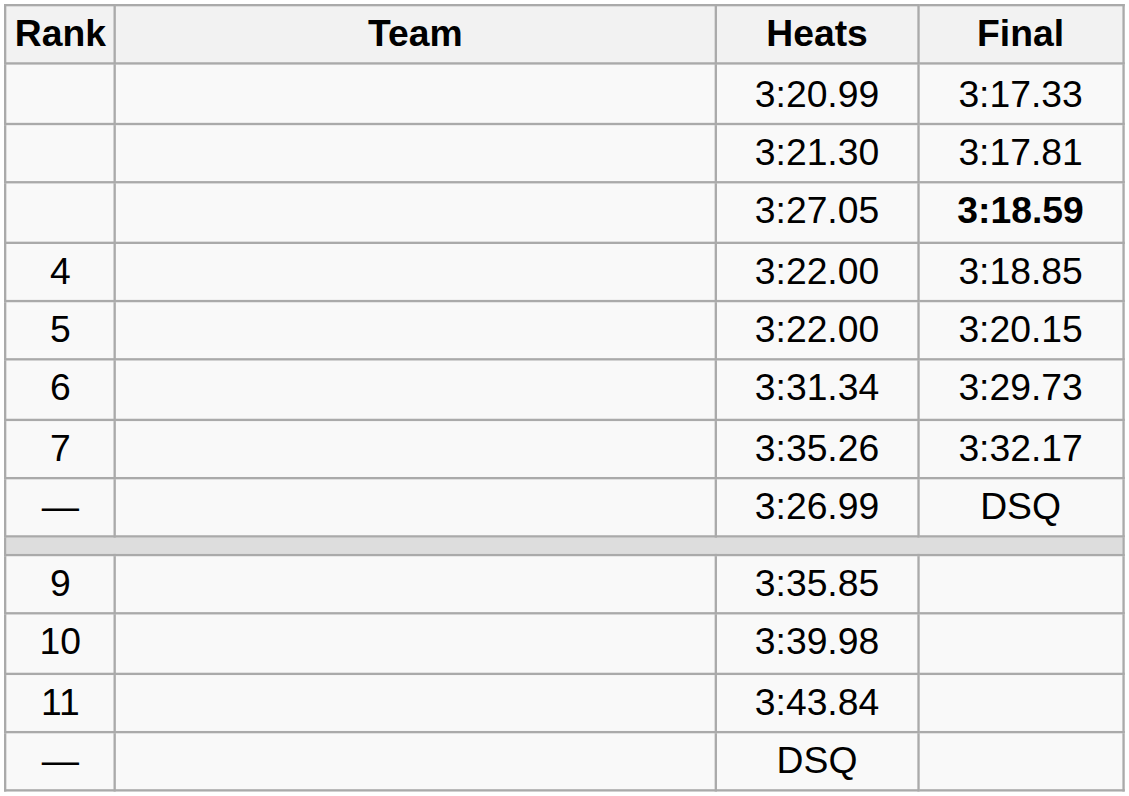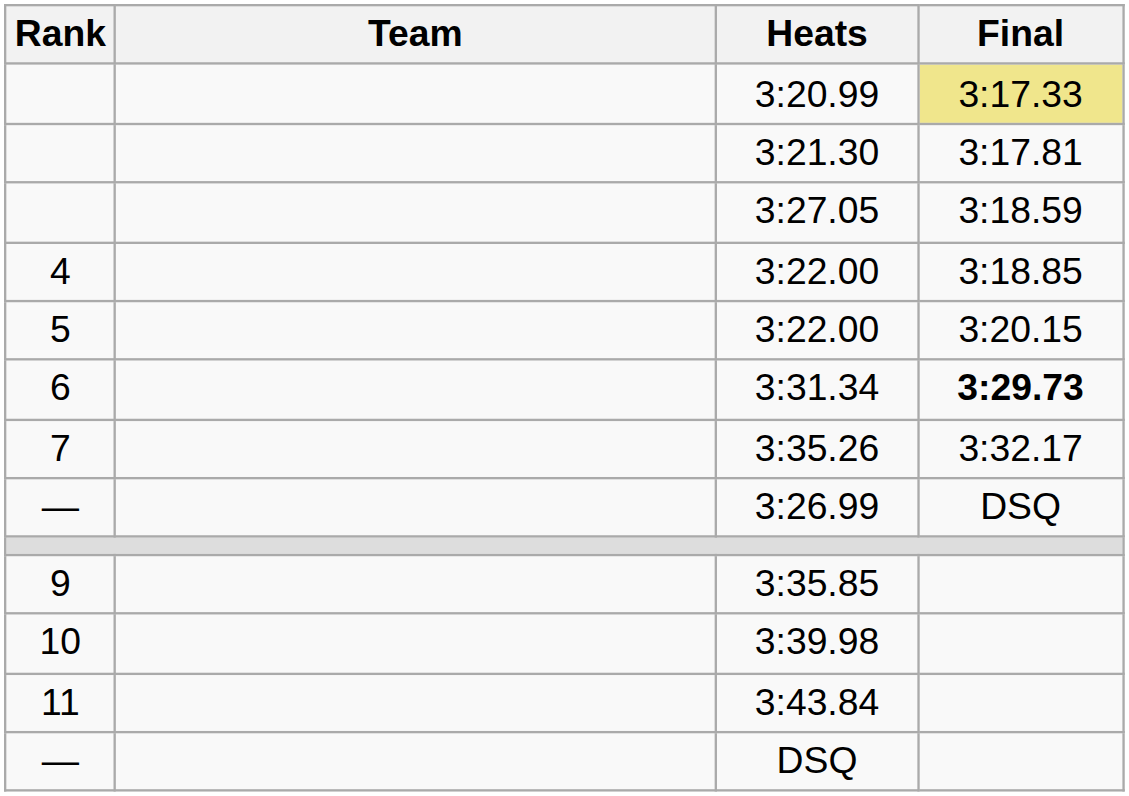 <table class=wikitable style="text-align:center">
 <tr>
 <th width=40>Rank</th>
 <th width=250>Team</th>
 <th width=80>Heats</th>
 <th width=80>Final</th>
 </tr>
 <tr>
 <td></td>
 <td align=left></td>
 <td>3:20.99</td>
-<td>3:17.33</td>
+<td style="background: khaki;">3:17.33</td>
 </tr>
 <tr>
 <td></td>
 <td align=left></td>
 <td>3:21.30</td>
 <td>3:17.81</td>
 </tr>
 <tr>
 <td></td>
 <td align=left></td>
 <td>3:27.05</td>
-<td><strong>3:18.59</strong></td>
+<td>3:18.59</td>
 </tr>
 <tr>
 <td>4</td>
 <td align=left></td>
 <td>3:22.00</td>
 <td>3:18.85</td>
 </tr>
 <tr>
 <td>5</td>
 <td align=left></td>
 <td>3:22.00</td>
 <td>3:20.15</td>
 </tr>
 <tr>
 <td>6</td>
 <td align=left></td>
 <td>3:31.34</td>
-<td>3:29.73</td>
+<td><strong>3:29.73</strong></td>
 </tr>
 <tr>
 <td>7</td>
 <td align=left></td>
 <td>3:35.26</td>
 <td>3:32.17</td>
 </tr>
 <tr>
 <td>—</td>
 <td align=left></td>
 <td>3:26.99</td>
 <td>DSQ</td>
 </tr>
 <tr bgcolor=#DDDDDD>
 <td colspan=4></td>
 </tr>
 <tr>
 <td>9</td>
 <td align=left></td>
 <td>3:35.85</td>
 <td></td>
 </tr>
 <tr>
 <td>10</td>
 <td align=left></td>
 <td>3:39.98</td>
 <td></td>
 </tr>
 <tr>
 <td>11</td>
 <td align=left></td>
 <td>3:43.84</td>
 <td></td>
 </tr>
 <tr>
 <td>—</td>
 <td align=left></td>
 <td>DSQ</td>
 <td></td>
 </tr>
 </table>
